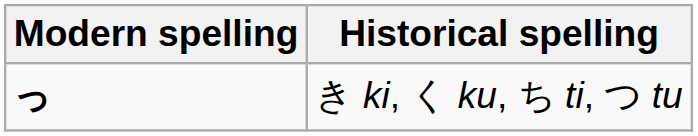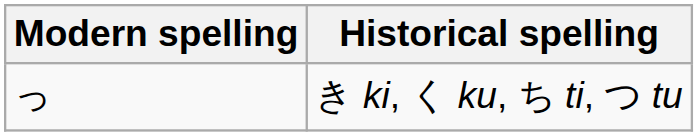 <table class="wikitable">
 <tr>
 <th>Modern spelling</th>
 <th>Historical spelling</th>
 </tr>
 <tr>
-<td><strong>っ</strong></td>
+<td>っ</td>
 <td>き <em>ki</em>, く <em>ku</em>, ち <em>ti</em>, つ <em>tu</em></td>
 </tr>
 </table>
